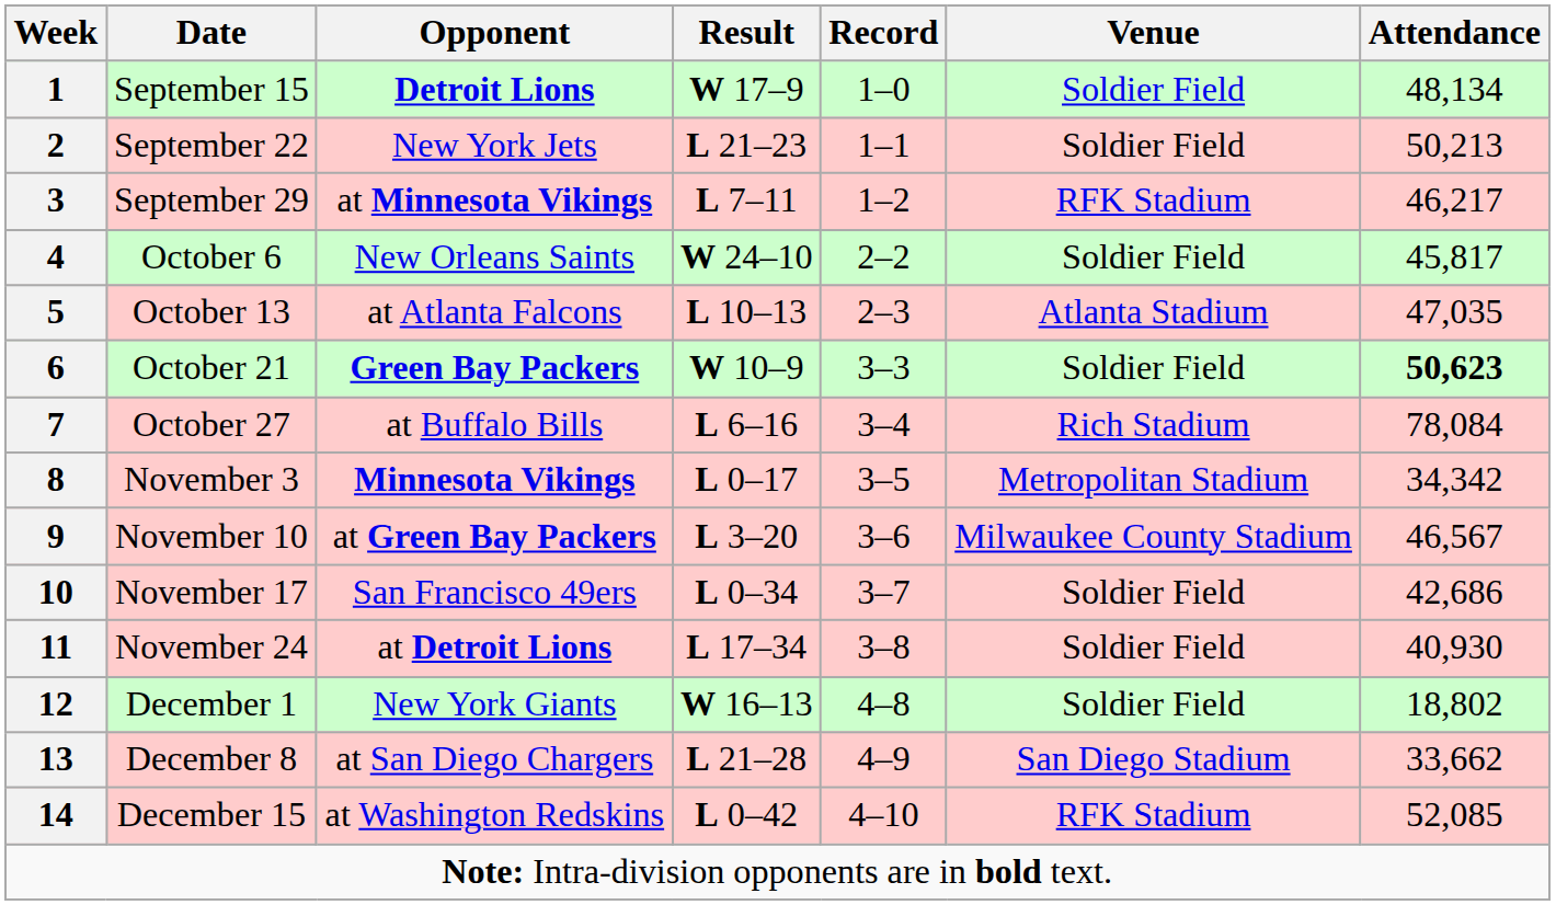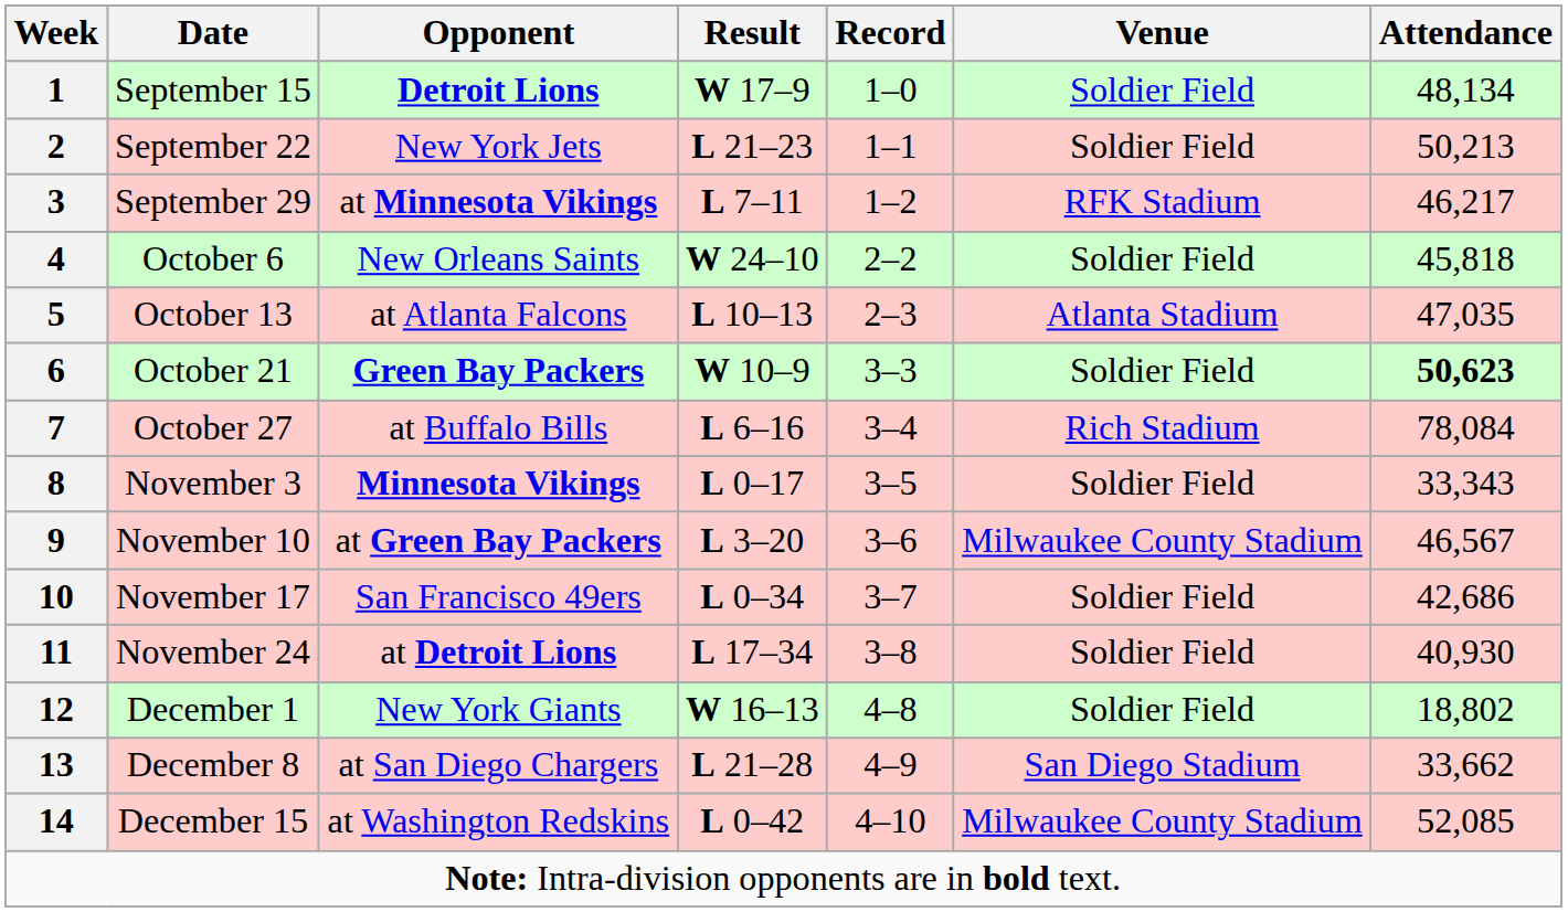 <table class="wikitable" style="text-align:center">
 <tr>
 <th>Week</th>
 <th>Date</th>
 <th>Opponent</th>
 <th>Result</th>
 <th>Record</th>
 <th>Venue</th>
 <th>Attendance</th>
 </tr>
 <tr style="background:#cfc">
 <th>1</th>
 <td>September 15</td>
 <td><strong><a href='#'>Detroit Lions</a></strong></td>
 <td><strong>W</strong> 17–9</td>
 <td>1–0</td>
 <td><a href='#'>Soldier Field</a></td>
 <td>48,134</td>
 </tr>
 <tr style="background:#fcc">
 <th>2</th>
 <td>September 22</td>
 <td><a href='#'>New York Jets</a></td>
 <td><strong>L</strong> 21–23</td>
 <td>1–1</td>
 <td>Soldier Field</td>
 <td>50,213</td>
 </tr>
 <tr style="background:#fcc">
 <th>3</th>
 <td>September 29</td>
 <td>at <strong><a href='#'>Minnesota Vikings</a></strong></td>
 <td><strong>L</strong> 7–11</td>
 <td>1–2</td>
 <td><a href='#'>RFK Stadium</a></td>
 <td>46,217</td>
 </tr>
 <tr style="background:#cfc">
 <th>4</th>
 <td>October 6</td>
 <td><a href='#'>New Orleans Saints</a></td>
 <td><strong>W</strong> 24–10</td>
 <td>2–2</td>
 <td>Soldier Field</td>
-<td>45,817</td>
+<td>45,818</td>
 </tr>
 <tr style="background:#fcc">
 <th>5</th>
 <td>October 13</td>
 <td>at <a href='#'>Atlanta Falcons</a></td>
 <td><strong>L</strong> 10–13</td>
 <td>2–3</td>
 <td><a href='#'>Atlanta Stadium</a></td>
 <td>47,035</td>
 </tr>
 <tr style="background:#cfc">
 <th>6</th>
 <td>October 21</td>
 <td><strong><a href='#'>Green Bay Packers</a></strong></td>
 <td><strong>W</strong> 10–9</td>
 <td>3–3</td>
 <td>Soldier Field</td>
 <td><strong>50,623</strong></td>
 </tr>
 <tr style="background:#fcc">
 <th>7</th>
 <td>October 27</td>
 <td>at <a href='#'>Buffalo Bills</a></td>
 <td><strong>L</strong> 6–16</td>
 <td>3–4</td>
 <td><a href='#'>Rich Stadium</a></td>
 <td>78,084</td>
 </tr>
 <tr style="background:#fcc">
 <th>8</th>
 <td>November 3</td>
 <td><strong><a href='#'>Minnesota Vikings</a></strong></td>
 <td><strong>L</strong> 0–17</td>
 <td>3–5</td>
-<td><a href='#'>Metropolitan Stadium</a></td>
-<td>34,342</td>
+<td>Soldier Field</td>
+<td>33,343</td>
 </tr>
 <tr style="background:#fcc">
 <th>9</th>
 <td>November 10</td>
 <td>at <strong><a href='#'>Green Bay Packers</a></strong></td>
 <td><strong>L</strong> 3–20</td>
 <td>3–6</td>
 <td><a href='#'>Milwaukee County Stadium</a></td>
 <td>46,567</td>
 </tr>
 <tr style="background:#fcc">
 <th>10</th>
 <td>November 17</td>
 <td><a href='#'>San Francisco 49ers</a></td>
 <td><strong>L</strong> 0–34</td>
 <td>3–7</td>
 <td>Soldier Field</td>
 <td>42,686</td>
 </tr>
 <tr style="background:#fcc">
 <th>11</th>
 <td>November 24</td>
 <td>at <strong><a href='#'>Detroit Lions</a></strong></td>
 <td><strong>L</strong> 17–34</td>
 <td>3–8</td>
 <td>Soldier Field</td>
 <td>40,930</td>
 </tr>
 <tr style="background:#cfc">
 <th>12</th>
 <td>December 1</td>
 <td><a href='#'>New York Giants</a></td>
 <td><strong>W</strong> 16–13</td>
 <td>4–8</td>
 <td>Soldier Field</td>
 <td>18,802</td>
 </tr>
 <tr style="background:#fcc">
 <th>13</th>
 <td>December 8</td>
 <td>at <a href='#'>San Diego Chargers</a></td>
 <td><strong>L</strong> 21–28</td>
 <td>4–9</td>
 <td><a href='#'>San Diego Stadium</a></td>
 <td>33,662</td>
 </tr>
 <tr style="background:#fcc">
 <th>14</th>
 <td>December 15</td>
 <td>at <a href='#'>Washington Redskins</a></td>
 <td><strong>L</strong> 0–42</td>
 <td>4–10</td>
-<td><a href='#'>RFK Stadium</a></td>
+<td><a href='#'>Milwaukee County Stadium</a></td>
 <td>52,085</td>
 </tr>
 <tr>
 <td colspan="8"><strong>Note:</strong> Intra-division opponents are in <strong>bold</strong> text.</td>
 </tr>
 </table>
